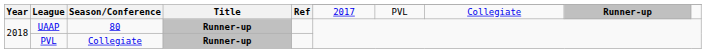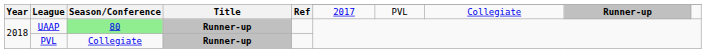 <table class="wikitable sortable" style="text-align:center" width="80%">
 <tr>
 <th style="width:5px;" rowspan="2">Year</th>
 <th style="width:25px;" rowspan="2">League</th>
 <th style="width:100px;" rowspan="2">Season/Conference</th>
 <th style="width:180px;" rowspan="2">Title</th>
 <th style="width:25px;" rowspan="2">Ref</th>
 </tr>
 <tr>
 <td><a href='#'>2017</a></td>
 <td>PVL</td>
 <td><a href='#'>Collegiate</a></td>
 <td style="background:silver;"><strong>Runner-up</strong></td>
 <td></td>
 </tr>
 <tr>
 <td rowspan=2>2018</td>
 <td><a href='#'>UAAP</a></td>
-<td><a href='#'>80</a></td>
+<td style="background: lightgreen;"><a href='#'>80</a></td>
 <td style="background:silver;"><strong>Runner-up</strong></td>
 <td></td>
 </tr>
 <tr>
 <td><a href='#'>PVL</a></td>
 <td><a href='#'>Collegiate</a></td>
 <td style="background:silver;"><strong>Runner-up</strong></td>
 <td></td>
 </tr>
 </table>
